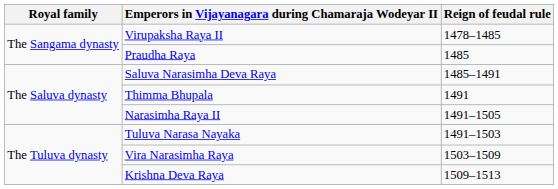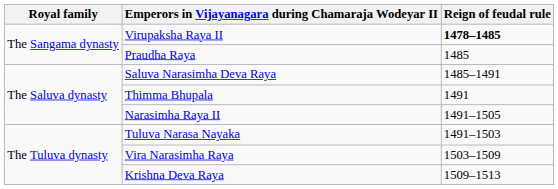 <table class="wikitable">
 <tr>
 <th>Royal family</th>
 <th>Emperors in <a href='#'>Vijayanagara</a> during Chamaraja Wodeyar II</th>
 <th>Reign of feudal rule</th>
 </tr>
 <tr>
 <td rowspan="2">The <a href='#'>Sangama dynasty</a></td>
 <td><a href='#'>Virupaksha Raya II</a></td>
-<td>1478–1485</td>
+<td><strong>1478–1485</strong></td>
 </tr>
 <tr>
 <td><a href='#'>Praudha Raya</a></td>
 <td>1485</td>
 </tr>
 <tr>
 <td rowspan="3">The <a href='#'>Saluva dynasty</a></td>
 <td><a href='#'>Saluva Narasimha Deva Raya</a></td>
 <td>1485–1491</td>
 </tr>
 <tr>
 <td><a href='#'>Thimma Bhupala</a></td>
 <td>1491</td>
 </tr>
 <tr>
 <td><a href='#'>Narasimha Raya II</a></td>
 <td>1491–1505</td>
 </tr>
 <tr>
 <td rowspan="3">The <a href='#'>Tuluva dynasty</a></td>
 <td><a href='#'>Tuluva Narasa Nayaka</a></td>
 <td>1491–1503</td>
 </tr>
 <tr>
 <td><a href='#'>Vira Narasimha Raya</a></td>
 <td>1503–1509</td>
 </tr>
 <tr>
 <td><a href='#'>Krishna Deva Raya</a></td>
 <td>1509–1513</td>
 </tr>
 </table>
